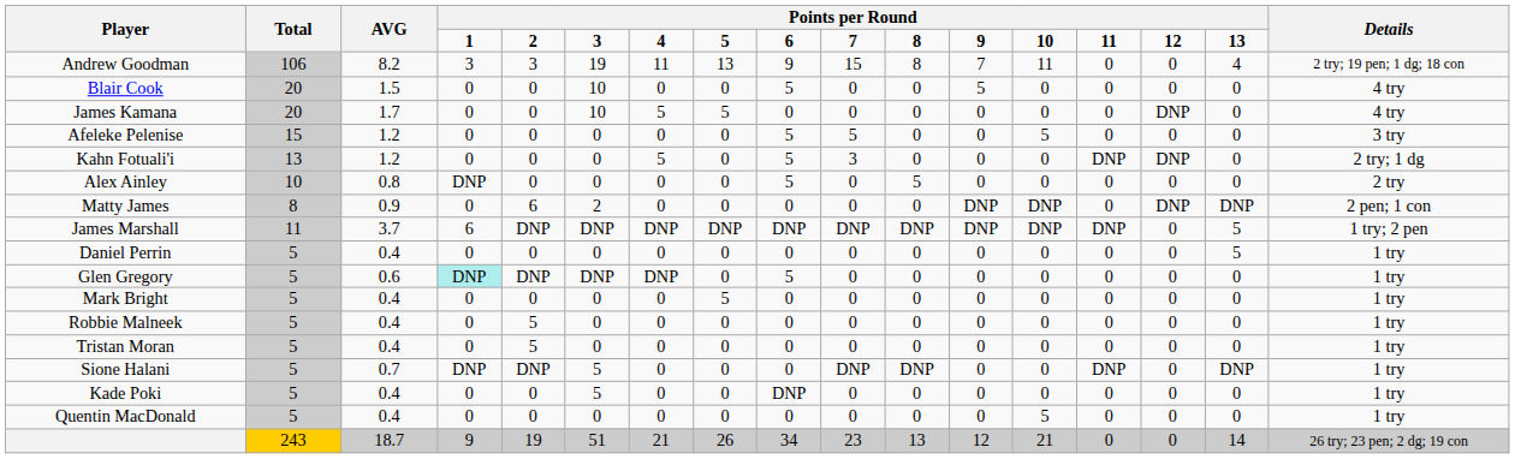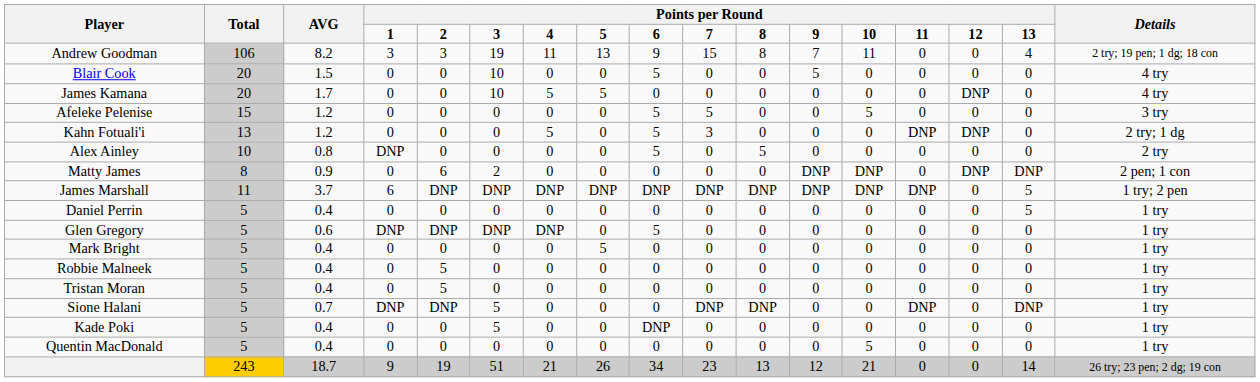 <table class="wikitable" style="text-align:center; line-height: 90%; font-size:90%;" width=100%>
 <tr>
 <th rowspan=2 width=15%>Player</th>
 <th rowspan=2 width=6%>Total</th>
 <th rowspan=2 width=6%>AVG</th>
 <th colspan=13>Points per Round</th>
 <th rowspan=2 width=15%><em>Details</em></th>
 </tr>
 <tr>
 <td width=4%><strong>1</strong></td>
 <td width=4%><strong>2</strong></td>
 <td width=4%><strong>3</strong></td>
 <td width=4%><strong>4</strong></td>
 <td width=4%><strong>5</strong></td>
 <td width=4%><strong>6</strong></td>
 <td width=4%><strong>7</strong></td>
 <td width=4%><strong>8</strong></td>
 <td width=4%><strong>9</strong></td>
 <td width=4%><strong>10</strong></td>
 <td width=4%><strong>11</strong></td>
 <td width=4%><strong>12</strong></td>
 <td width=4%><strong>13</strong></td>
 </tr>
 <tr>
 <td>Andrew Goodman</td>
 <td bgcolor=#cccccc>106</td>
 <td>8.2</td>
 <td>3</td>
 <td>3</td>
 <td>19</td>
 <td>11</td>
 <td>13</td>
 <td>9</td>
 <td>15</td>
 <td>8</td>
 <td>7</td>
 <td>11</td>
 <td>0</td>
 <td>0</td>
 <td>4</td>
 <td><small>2 try; 19 pen; 1 dg; 18 con</small></td>
 </tr>
 <tr>
 <td><a href='#'>Blair Cook</a></td>
 <td bgcolor=#cccccc>20</td>
 <td>1.5</td>
 <td>0</td>
 <td>0</td>
 <td>10</td>
 <td>0</td>
 <td>0</td>
 <td>5</td>
 <td>0</td>
 <td>0</td>
 <td>5</td>
 <td>0</td>
 <td>0</td>
 <td>0</td>
 <td>0</td>
 <td>4 try</td>
 </tr>
 <tr>
 <td>James Kamana</td>
 <td bgcolor=#cccccc>20</td>
 <td>1.7</td>
 <td>0</td>
 <td>0</td>
 <td>10</td>
 <td>5</td>
 <td>5</td>
 <td>0</td>
 <td>0</td>
 <td>0</td>
 <td>0</td>
 <td>0</td>
 <td>0</td>
 <td>DNP</td>
 <td>0</td>
 <td>4 try</td>
 </tr>
 <tr>
 <td>Afeleke Pelenise</td>
 <td bgcolor=#cccccc>15</td>
 <td>1.2</td>
 <td>0</td>
 <td>0</td>
 <td>0</td>
 <td>0</td>
 <td>0</td>
 <td>5</td>
 <td>5</td>
 <td>0</td>
 <td>0</td>
 <td>5</td>
 <td>0</td>
 <td>0</td>
 <td>0</td>
 <td>3 try</td>
 </tr>
 <tr>
 <td>Kahn Fotuali'i</td>
 <td bgcolor=#cccccc>13</td>
 <td>1.2</td>
 <td>0</td>
 <td>0</td>
 <td>0</td>
 <td>5</td>
 <td>0</td>
 <td>5</td>
 <td>3</td>
 <td>0</td>
 <td>0</td>
 <td>0</td>
 <td>DNP</td>
 <td>DNP</td>
 <td>0</td>
 <td>2 try; 1 dg</td>
 </tr>
 <tr>
 <td>Alex Ainley</td>
 <td bgcolor=#cccccc>10</td>
 <td>0.8</td>
 <td>DNP</td>
 <td>0</td>
 <td>0</td>
 <td>0</td>
 <td>0</td>
 <td>5</td>
 <td>0</td>
 <td>5</td>
 <td>0</td>
 <td>0</td>
 <td>0</td>
 <td>0</td>
 <td>0</td>
 <td>2 try</td>
 </tr>
 <tr>
 <td>Matty James</td>
 <td bgcolor=#cccccc>8</td>
 <td>0.9</td>
 <td>0</td>
 <td>6</td>
 <td>2</td>
 <td>0</td>
 <td>0</td>
 <td>0</td>
 <td>0</td>
 <td>0</td>
 <td>DNP</td>
 <td>DNP</td>
 <td>0</td>
 <td>DNP</td>
 <td>DNP</td>
 <td>2 pen; 1 con</td>
 </tr>
 <tr>
 <td>James Marshall</td>
 <td bgcolor=#cccccc>11</td>
 <td>3.7</td>
 <td>6</td>
 <td>DNP</td>
 <td>DNP</td>
 <td>DNP</td>
 <td>DNP</td>
 <td>DNP</td>
 <td>DNP</td>
 <td>DNP</td>
 <td>DNP</td>
 <td>DNP</td>
 <td>DNP</td>
 <td>0</td>
 <td>5</td>
 <td>1 try; 2 pen</td>
 </tr>
 <tr>
 <td>Daniel Perrin</td>
 <td bgcolor=#cccccc>5</td>
 <td>0.4</td>
 <td>0</td>
 <td>0</td>
 <td>0</td>
 <td>0</td>
 <td>0</td>
 <td>0</td>
 <td>0</td>
 <td>0</td>
 <td>0</td>
 <td>0</td>
 <td>0</td>
 <td>0</td>
 <td>5</td>
 <td>1 try</td>
 </tr>
 <tr>
 <td>Glen Gregory</td>
 <td bgcolor=#cccccc>5</td>
 <td>0.6</td>
-<td style="background: paleturquoise;">DNP</td>
+<td>DNP</td>
 <td>DNP</td>
 <td>DNP</td>
 <td>DNP</td>
 <td>0</td>
 <td>5</td>
 <td>0</td>
 <td>0</td>
 <td>0</td>
 <td>0</td>
 <td>0</td>
 <td>0</td>
 <td>0</td>
 <td>1 try</td>
 </tr>
 <tr>
 <td>Mark Bright</td>
 <td bgcolor=#cccccc>5</td>
 <td>0.4</td>
 <td>0</td>
 <td>0</td>
 <td>0</td>
 <td>0</td>
 <td>5</td>
 <td>0</td>
 <td>0</td>
 <td>0</td>
 <td>0</td>
 <td>0</td>
 <td>0</td>
 <td>0</td>
 <td>0</td>
 <td>1 try</td>
 </tr>
 <tr>
 <td>Robbie Malneek</td>
 <td bgcolor=#cccccc>5</td>
 <td>0.4</td>
 <td>0</td>
 <td>5</td>
 <td>0</td>
 <td>0</td>
 <td>0</td>
 <td>0</td>
 <td>0</td>
 <td>0</td>
 <td>0</td>
 <td>0</td>
 <td>0</td>
 <td>0</td>
 <td>0</td>
 <td>1 try</td>
 </tr>
 <tr>
 <td>Tristan Moran</td>
 <td bgcolor=#cccccc>5</td>
 <td>0.4</td>
 <td>0</td>
 <td>5</td>
 <td>0</td>
 <td>0</td>
 <td>0</td>
 <td>0</td>
 <td>0</td>
 <td>0</td>
 <td>0</td>
 <td>0</td>
 <td>0</td>
 <td>0</td>
 <td>0</td>
 <td>1 try</td>
 </tr>
 <tr>
 <td>Sione Halani</td>
 <td bgcolor=#cccccc>5</td>
 <td>0.7</td>
 <td>DNP</td>
 <td>DNP</td>
 <td>5</td>
 <td>0</td>
 <td>0</td>
 <td>0</td>
 <td>DNP</td>
 <td>DNP</td>
 <td>0</td>
 <td>0</td>
 <td>DNP</td>
 <td>0</td>
 <td>DNP</td>
 <td>1 try</td>
 </tr>
 <tr>
 <td>Kade Poki</td>
 <td bgcolor=#cccccc>5</td>
 <td>0.4</td>
 <td>0</td>
 <td>0</td>
 <td>5</td>
 <td>0</td>
 <td>0</td>
 <td>DNP</td>
 <td>0</td>
 <td>0</td>
 <td>0</td>
 <td>0</td>
 <td>0</td>
 <td>0</td>
 <td>0</td>
 <td>1 try</td>
 </tr>
 <tr>
 <td>Quentin MacDonald</td>
 <td bgcolor=#cccccc>5</td>
 <td>0.4</td>
 <td>0</td>
 <td>0</td>
 <td>0</td>
 <td>0</td>
 <td>0</td>
 <td>0</td>
 <td>0</td>
 <td>0</td>
 <td>0</td>
 <td>5</td>
 <td>0</td>
 <td>0</td>
 <td>0</td>
 <td>1 try</td>
 </tr>
 <tr>
 <th></th>
 <td bgcolor=#ffcc00>243</td>
 <td bgcolor=#cccccc>18.7</td>
 <td bgcolor=#cccccc>9</td>
 <td bgcolor=#cccccc>19</td>
 <td bgcolor=#cccccc>51</td>
 <td bgcolor=#cccccc>21</td>
 <td bgcolor=#cccccc>26</td>
 <td bgcolor=#cccccc>34</td>
 <td bgcolor=#cccccc>23</td>
 <td bgcolor=#cccccc>13</td>
 <td bgcolor=#cccccc>12</td>
 <td bgcolor=#cccccc>21</td>
 <td bgcolor=#cccccc>0</td>
 <td bgcolor=#cccccc>0</td>
 <td bgcolor=#cccccc>14</td>
 <td bgcolor=#cccccc><small>26 try; 23 pen; 2 dg; 19 con</small></td>
 </tr>
 </table>
